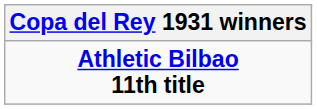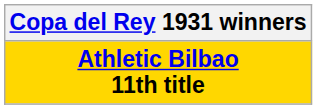 <table class="wikitable" style="text-align: center; margin: 0 auto;">
 <tr>
 <th><a href='#'>Copa del Rey</a> 1931 winners</th>
 </tr>
 <tr>
-<td><strong><a href='#'>Athletic Bilbao</a></strong><br><strong>11th title</strong></td>
+<td style="background: gold;"><strong><a href='#'>Athletic Bilbao</a></strong><br><strong>11th title</strong></td>
 </tr>
 </table>
